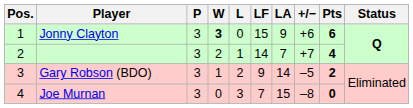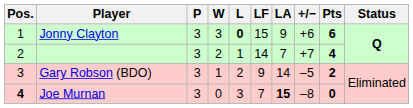 <table class="wikitable" style="text-align:center; margin: 1em auto 1em auto, align:left">
 <tr>
 <th width=20>Pos.</th>
 <th width=185>Player</th>
 <th width=20>P</th>
 <th width=20>W</th>
 <th width=20>L</th>
 <th width=20>LF</th>
 <th width=20>LA</th>
 <th width=25>+/−</th>
 <th width=20>Pts</th>
 <th width=70>Status</th>
 </tr>
 <tr style="background:#CCFFCC;">
 <td>1</td>
 <td align=left> <a href='#'>Jonny Clayton</a></td>
 <td>3</td>
-<td><strong>3</strong></td>
-<td>0</td>
+<td>3</td>
+<td><strong>0</strong></td>
 <td>15</td>
 <td>9</td>
 <td>+6</td>
 <td><strong>6</strong></td>
 <td rowspan=2><strong>Q</strong></td>
 </tr>
 <tr style="background:#CCFFCC;">
 <td>2</td>
 <td align=left></td>
 <td>3</td>
 <td>2</td>
 <td>1</td>
 <td>14</td>
 <td>7</td>
 <td>+7</td>
 <td><strong>4</strong></td>
 </tr>
 <tr style="background:#FFCCCC;">
 <td>3</td>
 <td align=left> <a href='#'>Gary Robson</a> (BDO)</td>
 <td>3</td>
 <td>1</td>
 <td>2</td>
 <td>9</td>
 <td>14</td>
 <td>–5</td>
 <td><strong>2</strong></td>
 <td rowspan=2>Eliminated</td>
 </tr>
 <tr style="background:#FFCCCC;"ertret>
-<td>4</td>
+<td><strong>4</strong></td>
 <td align=left> <a href='#'>Joe Murnan</a></td>
 <td>3</td>
 <td>0</td>
 <td>3</td>
 <td>7</td>
-<td>15</td>
+<td><strong>15</strong></td>
 <td>–8</td>
 <td><strong>0</strong></td>
 </tr>
 </table>
